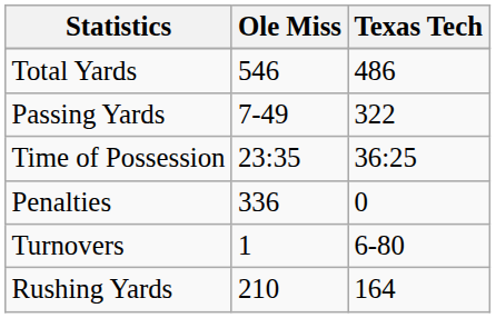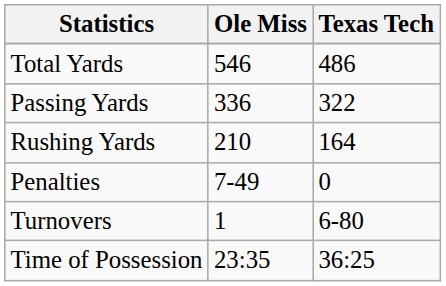 <table class="wikitable">
 <tr>
 <th>Statistics</th>
 <th>Ole Miss</th>
 <th>Texas Tech</th>
 </tr>
 <tr>
 </tr>
 <tr>
 <td>Total Yards</td>
 <td>546</td>
 <td>486</td>
 </tr>
 <tr>
 <td>Passing Yards</td>
-<td>7-49</td>
+<td>336</td>
 <td>322</td>
 </tr>
 <tr>
-<td>Time of Possession</td>
-<td>23:35</td>
-<td>36:25</td>
+<td>Rushing Yards</td>
+<td>210</td>
+<td>164</td>
 </tr>
 <tr>
 <td>Penalties</td>
-<td>336</td>
+<td>7-49</td>
 <td>0</td>
 </tr>
 <tr>
 <td>Turnovers</td>
 <td>1</td>
 <td>6-80</td>
 </tr>
 <tr>
-<td>Rushing Yards</td>
-<td>210</td>
-<td>164</td>
+<td>Time of Possession</td>
+<td>23:35</td>
+<td>36:25</td>
 </tr>
 </table>
